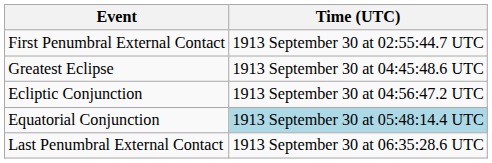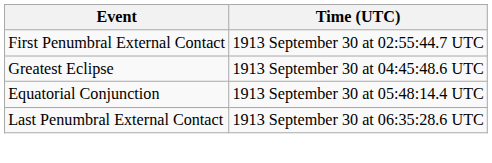 <table class="wikitable">
 <tr>
 <th>Event</th>
 <th>Time (UTC)</th>
 </tr>
 <tr>
 <td>First Penumbral External Contact</td>
 <td>1913 September 30 at 02:55:44.7 UTC</td>
 </tr>
 <tr>
 <td>Greatest Eclipse</td>
 <td>1913 September 30 at 04:45:48.6 UTC</td>
 </tr>
 <tr>
-<td>Ecliptic Conjunction</td>
-<td>1913 September 30 at 04:56:47.2 UTC</td>
-</tr>
-<tr>
 <td>Equatorial Conjunction</td>
-<td style="background: lightblue;">1913 September 30 at 05:48:14.4 UTC</td>
+<td>1913 September 30 at 05:48:14.4 UTC</td>
 </tr>
 <tr>
 <td>Last Penumbral External Contact</td>
 <td>1913 September 30 at 06:35:28.6 UTC</td>
 </tr>
 </table>
